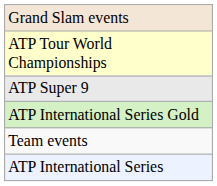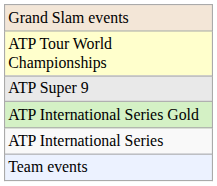 <table class="wikitable"  style="font-size:90%; width:15%;">
 <tr style="background:#f3e6d7;">
 <td>Grand Slam events</td>
 </tr>
 <tr style="background:#ffc;">
 <td>ATP Tour World Championships</td>
 </tr>
 <tr style="background:#e9e9e9;">
 <td>ATP Super 9</td>
 </tr>
 <tr style="background:#d4f1c5;">
 <td>ATP International Series Gold</td>
 </tr>
 <tr bgcolor=>
+<td>ATP International Series</td>
+</tr>
+<tr style="background:#ecf2ff;">
 <td>Team events</td>
 </tr>
-<tr style="background:#ecf2ff;">
-<td>ATP International Series</td>
-</tr>
 </table>
